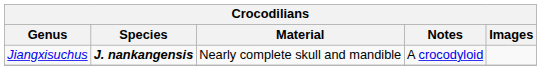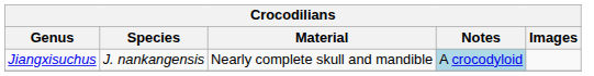 <table class="wikitable" align="center">
 <tr>
 <th colspan="7" style="text-align:center;"><strong>Crocodilians</strong></th>
 </tr>
 <tr>
 <th>Genus</th>
 <th>Species</th>
 <th>Material</th>
 <th>Notes</th>
 <th>Images</th>
 </tr>
 <tr>
 <td><em><a href='#'>Jiangxisuchus</a></em></td>
-<td><strong><em>J. nankangensis</em></strong></td>
+<td><em>J. nankangensis</em></td>
 <td>Nearly complete skull and mandible</td>
-<td>A <a href='#'>crocodyloid</a></td>
+<td style="background: lightblue;">A <a href='#'>crocodyloid</a></td>
 <td></td>
 </tr>
 <tr>
 </tr>
 </table>
